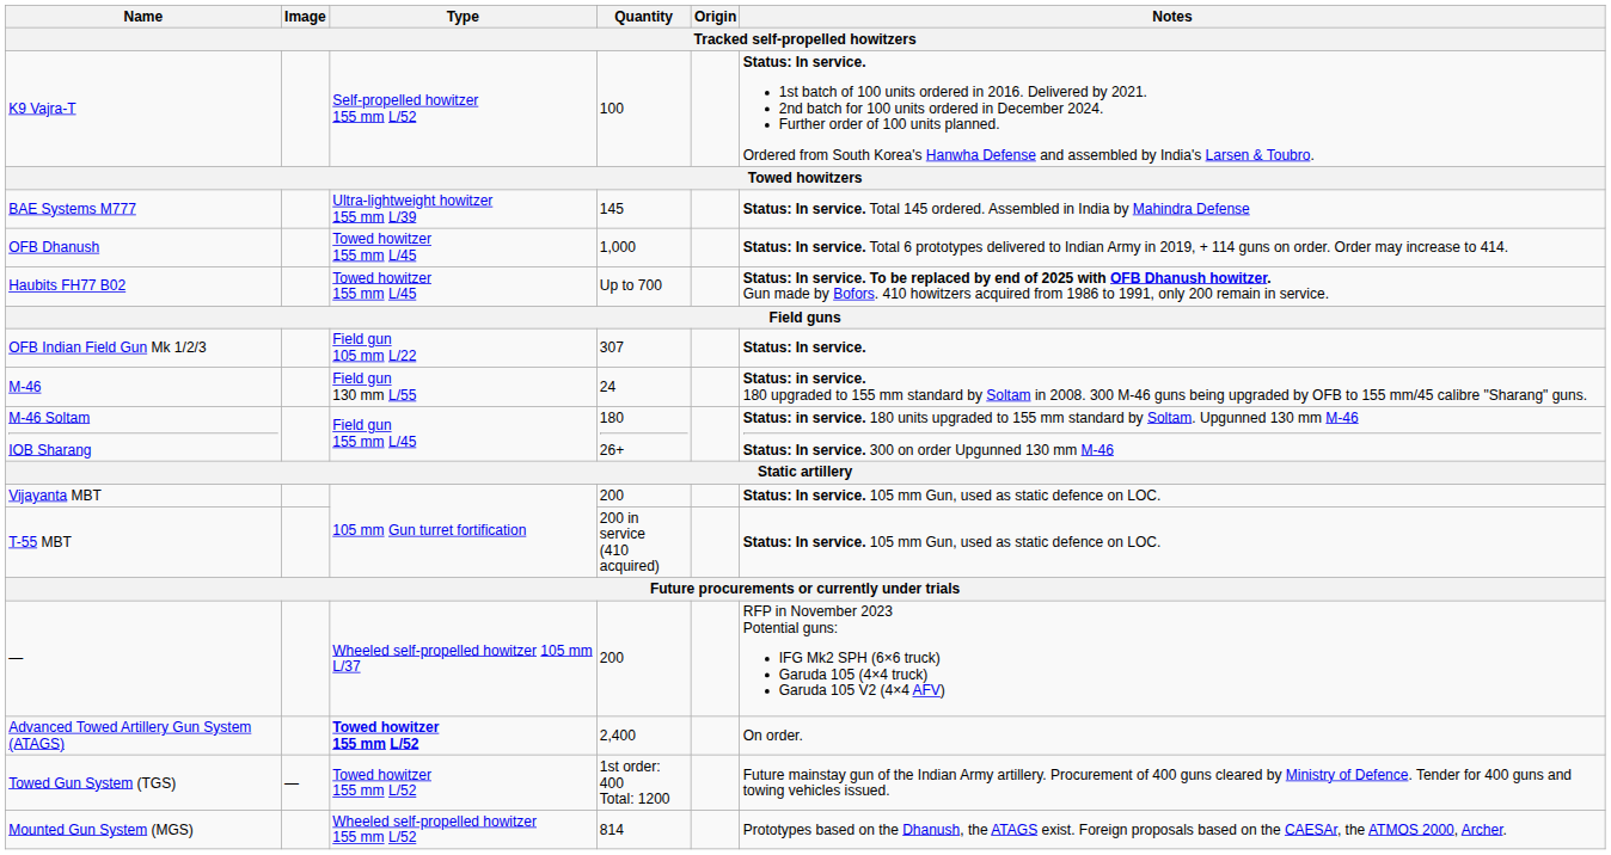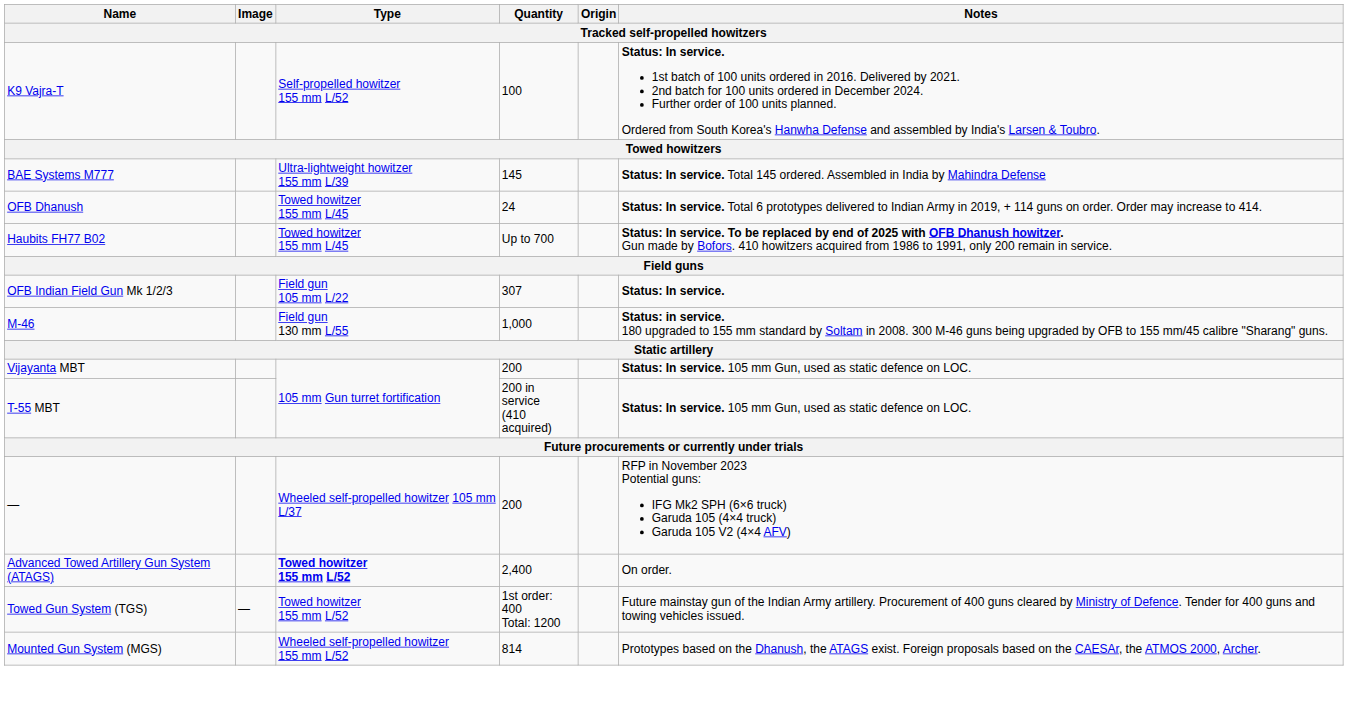 <table class="wikitable" style="width:90%;">
 <tr>
 <th>Name</th>
 <th>Image</th>
 <th>Type</th>
 <th>Quantity</th>
 <th>Origin</th>
 <th>Notes</th>
 </tr>
 <tr>
 <th colspan="6">Tracked self-propelled howitzers</th>
 </tr>
 <tr>
 <td><a href='#'>K9 Vajra-T</a></td>
 <td></td>
 <td><a href='#'>Self-propelled howitzer</a> <br><a href='#'>155 mm</a> <a href='#'>L/52</a></td>
 <td>100</td>
 <td><br></td>
 <td><strong>Status: In service.</strong><br><ul><li>1st batch of 100 units ordered in 2016. Delivered by 2021.</li><li>2nd batch for 100 units ordered in December 2024.</li><li>Further order of 100 units planned.</li></ul>Ordered from South Korea's <a href='#'>Hanwha Defense</a> and assembled by India's <a href='#'>Larsen & Toubro</a>.</td>
 </tr>
 <tr>
 <th colspan="6">Towed howitzers</th>
 </tr>
 <tr>
 <td><a href='#'>BAE Systems M777</a></td>
 <td></td>
 <td><a href='#'>Ultra-lightweight howitzer</a> <br><a href='#'>155 mm</a> <a href='#'>L/39</a></td>
 <td>145</td>
 <td><br></td>
 <td><strong>Status: In service.</strong> Total 145 ordered. Assembled in India by <a href='#'>Mahindra Defense</a></td>
 </tr>
 <tr>
 <td><a href='#'>OFB Dhanush</a></td>
 <td></td>
 <td><a href='#'>Towed howitzer</a> <br><a href='#'>155 mm</a> <a href='#'>L/45</a></td>
-<td>1,000<br></td>
+<td>24</td>
 <td></td>
 <td><strong>Status: In service.</strong>  Total 6 prototypes delivered to Indian Army in 2019, + 114 guns on order. Order may increase to 414.</td>
 </tr>
 <tr>
 <td><a href='#'>Haubits FH77 B02</a></td>
 <td></td>
 <td><a href='#'>Towed howitzer</a> <br><a href='#'>155 mm</a> <a href='#'>L/45</a></td>
 <td>Up to 700</td>
 <td></td>
 <td><strong>Status: In service. To be replaced by end of 2025 with <a href='#'>OFB Dhanush howitzer</a>.</strong><br>Gun made by <a href='#'>Bofors</a>. 410 howitzers acquired from 1986 to 1991, only 200 remain in service.</td>
 </tr>
 <tr>
 <th colspan="6">Field guns</th>
 </tr>
 <tr>
 <td><a href='#'>OFB Indian Field Gun</a> Mk 1/2/3</td>
 <td></td>
 <td><a href='#'>Field gun</a> <br><a href='#'>105 mm</a> <a href='#'>L/22</a></td>
 <td>307</td>
 <td></td>
 <td><strong>Status: In service.</strong></td>
 </tr>
 <tr>
 <td><a href='#'>M-46</a></td>
 <td></td>
 <td><a href='#'>Field gun</a><br>130 mm <a href='#'>L/55</a></td>
-<td>24</td>
+<td>1,000<br></td>
 <td><br> </td>
 <td><strong>Status: in service.</strong><br>180 upgraded to 155 mm standard by <a href='#'>Soltam</a> in 2008. 300 M-46 guns being upgraded by OFB to 155 mm/45 calibre "Sharang" guns.</td>
-</tr>
-<tr>
-<td><a href='#'>M-46 Soltam</a> <hr> <a href='#'>IOB Sharang</a></td>
-<td></td>
-<td><a href='#'>Field gun</a> <br><a href='#'>155 mm</a> <a href='#'>L/45</a></td>
-<td>180<br> <hr> 26+</td>
-<td><br><br></td>
-<td><strong>Status: in service. </strong>180 units upgraded to 155 mm standard by <a href='#'>Soltam</a>. Upgunned 130 mm <a href='#'>M-46</a> <hr> <strong>Status: In service.</strong> 300 on order Upgunned 130 mm <a href='#'>M-46</a></td>
 </tr>
 <tr>
 <th colspan="6">Static artillery</th>
 </tr>
 <tr>
 <td><a href='#'>Vijayanta</a> MBT</td>
 <td></td>
 <td rowspan="2"><a href='#'>105 mm</a> <a href='#'>Gun turret fortification</a></td>
 <td>200</td>
 <td> <br> </td>
 <td><strong>Status: In service.</strong> 105 mm Gun, used as static defence on LOC.</td>
 </tr>
 <tr>
 <td><a href='#'>T-55</a> MBT</td>
 <td></td>
 <td>200 in service<br>(410 acquired)</td>
 <td><br></td>
 <td><strong>Status: In service.</strong> 105 mm Gun, used as static defence on LOC.</td>
 </tr>
 <tr>
 <th colspan="6">Future procurements or currently under trials</th>
 </tr>
 <tr>
 <td>—</td>
 <td></td>
 <td><a href='#'>Wheeled self-propelled howitzer</a> <a href='#'>105 mm</a> <a href='#'>L/37</a></td>
 <td>200</td>
 <td></td>
 <td>RFP in November 2023<br>Potential guns:<ul><li>IFG Mk2 SPH (6×6 truck)</li><li>Garuda 105 (4×4 truck)</li><li>Garuda 105 V2 (4×4 <a href='#'>AFV</a>)</li></ul></td>
 </tr>
 <tr>
 <td><a href='#'>Advanced Towed Artillery Gun System (ATAGS)</a></td>
 <td></td>
 <td><strong><a href='#'>Towed howitzer</a><br><a href='#'>155 mm</a> <a href='#'>L/52</a></strong></td>
 <td>2,400</td>
 <td></td>
 <td>On order.</td>
 </tr>
 <tr>
 <td><a href='#'>Towed Gun System</a> (TGS)</td>
 <td>—</td>
 <td><a href='#'>Towed howitzer</a><br><a href='#'>155 mm</a> <a href='#'>L/52</a></td>
 <td>1st order: 400<br>Total: 1200</td>
 <td></td>
 <td>Future mainstay gun of the Indian Army artillery. Procurement of 400 guns cleared by <a href='#'>Ministry of Defence</a>. Tender for 400 guns and towing vehicles issued.</td>
 </tr>
 <tr>
 <td><a href='#'>Mounted Gun System</a> (MGS)</td>
 <td></td>
 <td><a href='#'>Wheeled self-propelled howitzer</a> <br><a href='#'>155 mm</a> <a href='#'>L/52</a></td>
 <td>814</td>
 <td></td>
 <td>Prototypes based on the <a href='#'>Dhanush</a>, the <a href='#'>ATAGS</a> exist. Foreign proposals based on the <a href='#'>CAESAr</a>, the <a href='#'>ATMOS 2000</a>, <a href='#'>Archer</a>.</td>
 </tr>
 </table>
